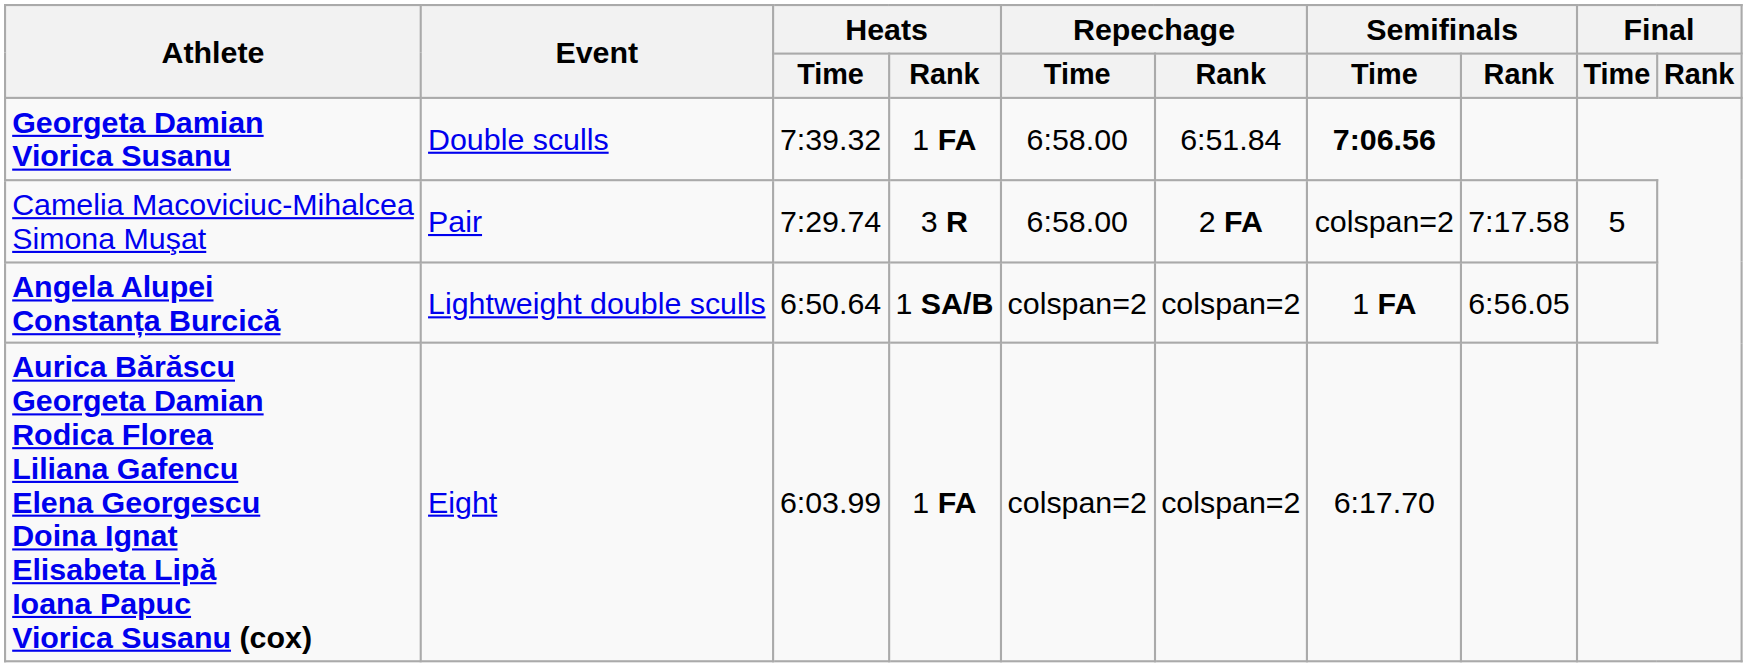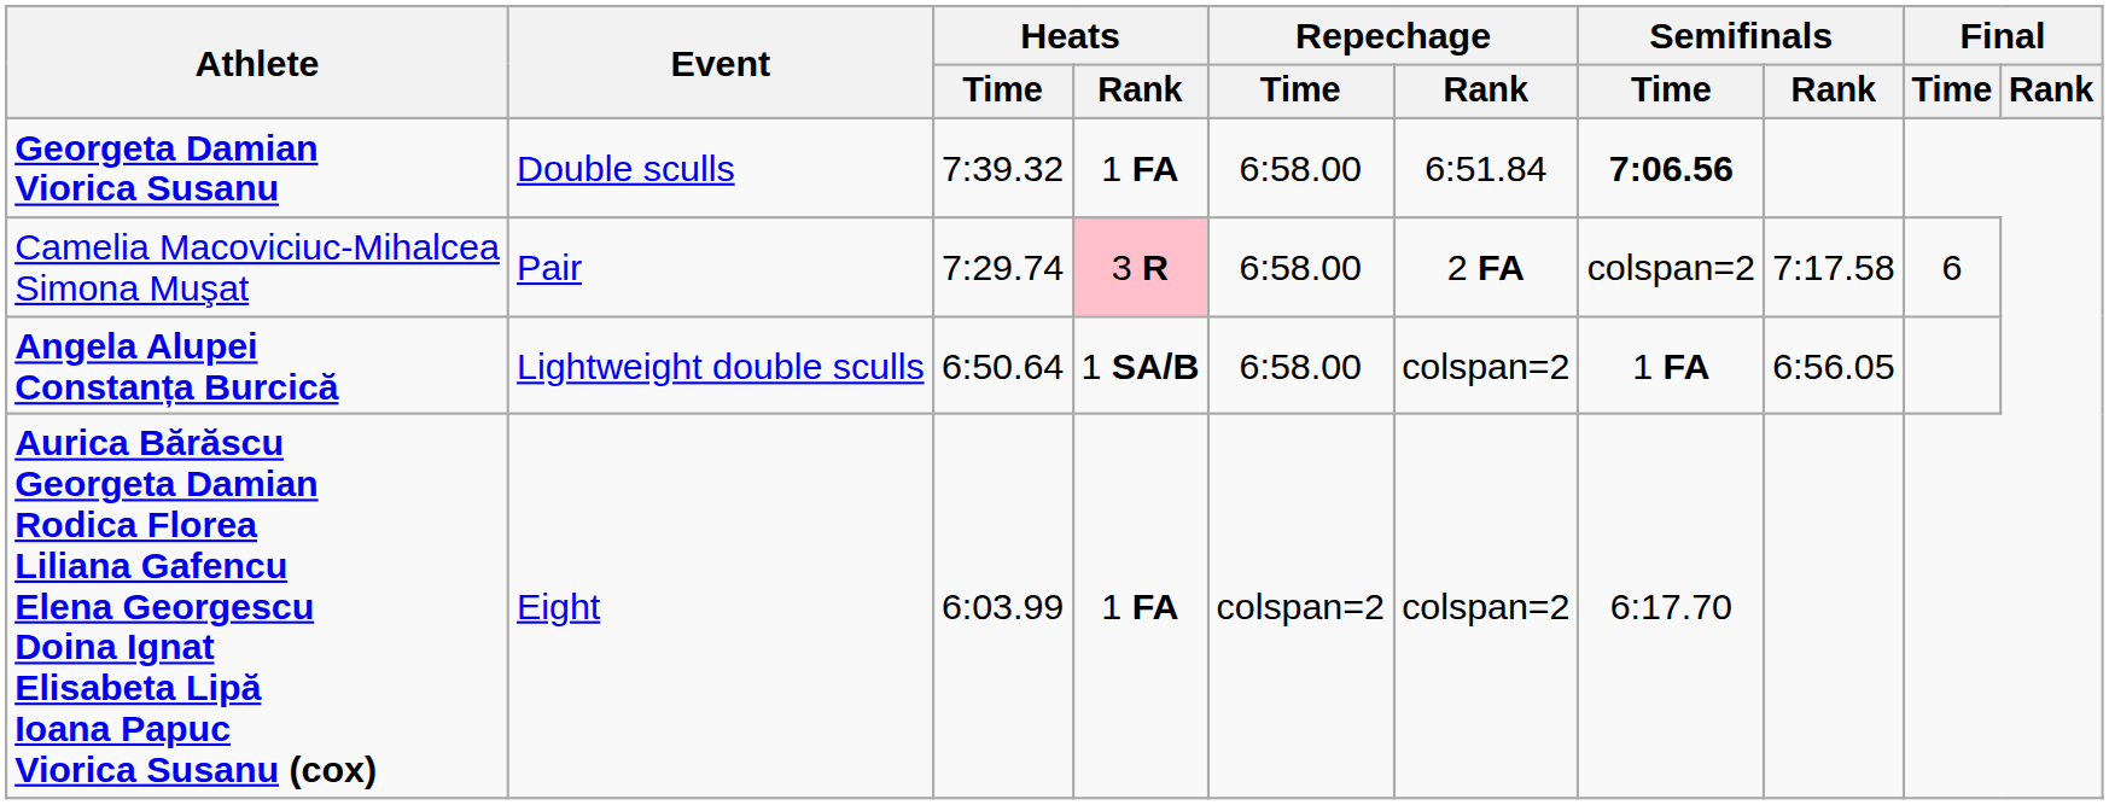 <table class="wikitable" style="font-size:90%;">
 <tr>
 <th rowspan="2">Athlete</th>
 <th rowspan="2">Event</th>
 <th colspan="2">Heats</th>
 <th colspan="2">Repechage</th>
 <th colspan="2">Semifinals</th>
 <th colspan="2">Final</th>
 </tr>
 <tr style="font-size:95%">
 <th>Time</th>
 <th>Rank</th>
 <th>Time</th>
 <th>Rank</th>
 <th>Time</th>
 <th>Rank</th>
 <th>Time</th>
 <th>Rank</th>
 </tr>
 <tr align=center>
 <td align=left><strong><a href='#'>Georgeta Damian</a><br><a href='#'>Viorica Susanu</a></strong></td>
 <td align=left><a href='#'>Double sculls</a></td>
 <td>7:39.32</td>
 <td>1 <strong>FA</strong></td>
 <td>6:58.00</td>
 <td>6:51.84</td>
 <td><strong>7:06.56</strong></td>
 <td></td>
 </tr>
 <tr align=center>
 <td align=left><a href='#'>Camelia Macoviciuc-Mihalcea</a><br><a href='#'>Simona Muşat</a></td>
 <td align=left><a href='#'>Pair</a></td>
 <td>7:29.74</td>
-<td>3 <strong>R</strong></td>
+<td style="background: pink;">3 <strong>R</strong></td>
 <td>6:58.00</td>
 <td>2 <strong>FA</strong></td>
 <td>colspan=2 </td>
 <td>7:17.58</td>
-<td>5</td>
+<td>6</td>
 </tr>
 <tr align=center>
 <td align=left><strong><a href='#'>Angela Alupei</a><br><a href='#'>Constanța Burcică</a></strong></td>
 <td align=left><a href='#'>Lightweight double sculls</a></td>
 <td>6:50.64</td>
 <td>1 <strong>SA/B</strong></td>
-<td>colspan=2 </td>
+<td>6:58.00</td>
 <td>colspan=2 </td>
 <td>1 <strong>FA</strong></td>
 <td>6:56.05</td>
 <td></td>
 </tr>
 <tr align=center>
 <td align=left><strong><a href='#'>Aurica Bărăscu</a><br><a href='#'>Georgeta Damian</a><br><a href='#'>Rodica Florea</a><br><a href='#'>Liliana Gafencu</a><br><a href='#'>Elena Georgescu</a><br><a href='#'>Doina Ignat</a><br><a href='#'>Elisabeta Lipă</a><br><a href='#'>Ioana Papuc</a><br><a href='#'>Viorica Susanu</a> (cox)</strong></td>
 <td align=left><a href='#'>Eight</a></td>
 <td>6:03.99</td>
 <td>1 <strong>FA</strong></td>
 <td>colspan=2 </td>
 <td>colspan=2 </td>
 <td>6:17.70</td>
 <td></td>
 </tr>
 </table>
